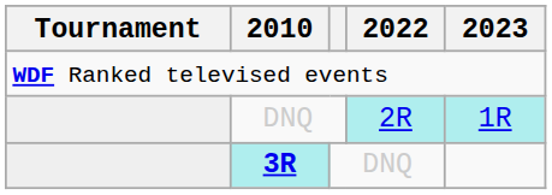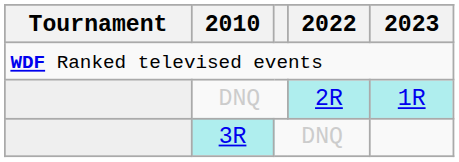 <table class="wikitable" style="width:20%; margin:0">
 <tr>
 <th>Tournament</th>
 <th>2010</th>
 <th></th>
 <th>2022</th>
 <th>2023</th>
 </tr>
 <tr>
 <td colspan="5" style="text-align:left"><small><strong><a href='#'>WDF</a> </strong>Ranked televised events</small></td>
 </tr>
 <tr>
 <td style="background:#efefef;"></td>
 <td colspan="2" style="text-align:center; color:#ccc;">DNQ</td>
 <td style="text-align:center; background:#afeeee;"><a href='#'>2R</a></td>
 <td style="text-align:center; background:#afeeee;"><a href='#'>1R</a></td>
 </tr>
 <tr>
 <td style="background:#efefef;"></td>
-<td style="text-align:center; background:#afeeee;"><strong><a href='#'>3R</a></strong></td>
+<td style="text-align:center; background:#afeeee;"><a href='#'>3R</a></td>
 <td colspan="2" style="text-align:center; color:#ccc;">DNQ</td>
 <td></td>
 </tr>
 </table>
